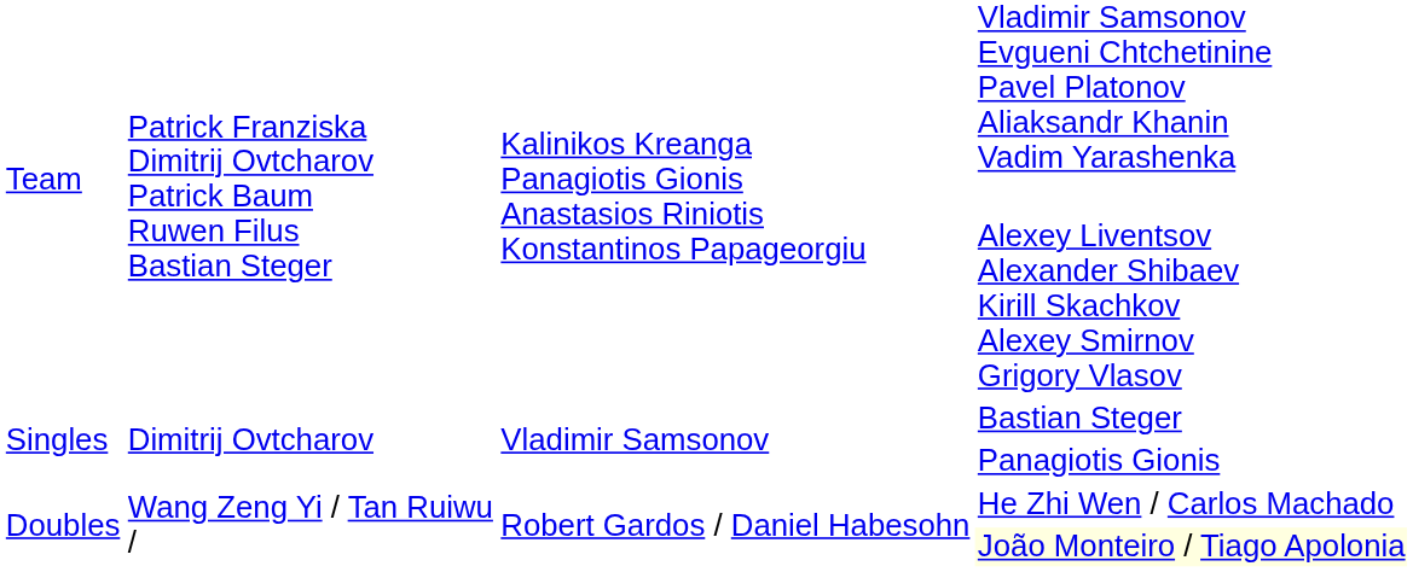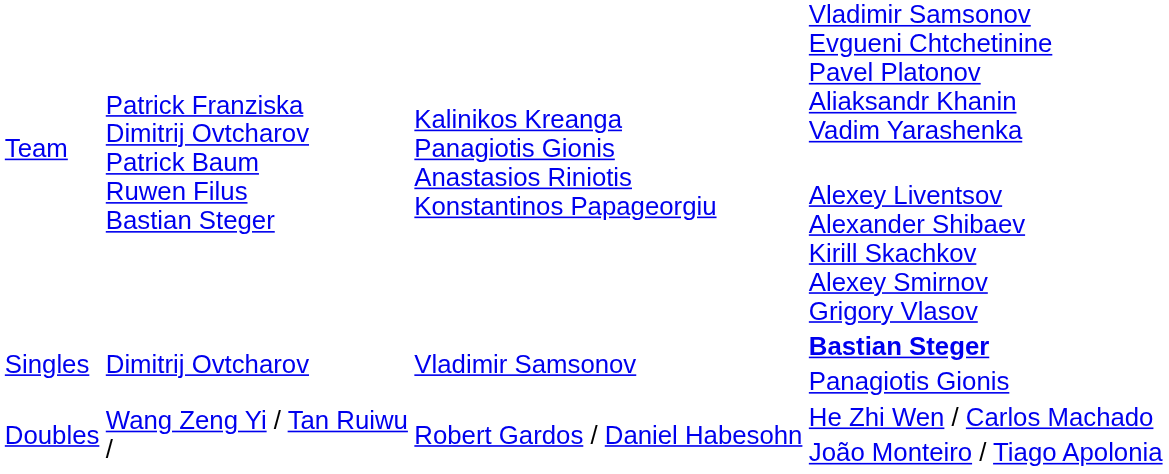 <table>
 <tr>
 <td rowspan=2><a href='#'>Team</a></td>
 <td rowspan=2><br><a href='#'>Patrick Franziska</a><br><a href='#'>Dimitrij Ovtcharov</a><br><a href='#'>Patrick Baum</a><br><a href='#'>Ruwen Filus</a><br><a href='#'>Bastian Steger</a></td>
 <td rowspan=2><br><a href='#'>Kalinikos Kreanga</a><br><a href='#'>Panagiotis Gionis</a><br><a href='#'>Anastasios Riniotis</a><br><a href='#'>Konstantinos Papageorgiu</a></td>
 <td><br><a href='#'>Vladimir Samsonov</a><br><a href='#'>Evgueni Chtchetinine</a><br><a href='#'>Pavel Platonov</a><br><a href='#'>Aliaksandr Khanin</a><br><a href='#'>Vadim Yarashenka</a></td>
 </tr>
 <tr>
 <td><br><a href='#'>Alexey Liventsov</a><br><a href='#'>Alexander Shibaev</a><br><a href='#'>Kirill Skachkov</a><br><a href='#'>Alexey Smirnov</a><br><a href='#'>Grigory Vlasov</a></td>
 </tr>
 <tr>
 <td rowspan=2><a href='#'>Singles</a></td>
 <td rowspan=2><a href='#'>Dimitrij Ovtcharov</a><br></td>
 <td rowspan=2><a href='#'>Vladimir Samsonov</a><br></td>
-<td><a href='#'>Bastian Steger</a><br></td>
+<td><strong><a href='#'>Bastian Steger</a><br></strong></td>
 </tr>
 <tr>
 <td><a href='#'>Panagiotis Gionis</a><br></td>
 </tr>
 <tr>
 <td rowspan=2><a href='#'>Doubles</a></td>
 <td rowspan=2><a href='#'>Wang Zeng Yi</a> / <a href='#'>Tan Ruiwu</a><br> / </td>
 <td rowspan=2><a href='#'>Robert Gardos</a> / <a href='#'>Daniel Habesohn</a><br></td>
 <td><a href='#'>He Zhi Wen</a> / <a href='#'>Carlos Machado</a><br></td>
 </tr>
 <tr>
-<td style="background: lightyellow;"><a href='#'>João Monteiro</a> / <a href='#'>Tiago Apolonia</a><br></td>
+<td><a href='#'>João Monteiro</a> / <a href='#'>Tiago Apolonia</a><br></td>
 </tr>
 </table>
